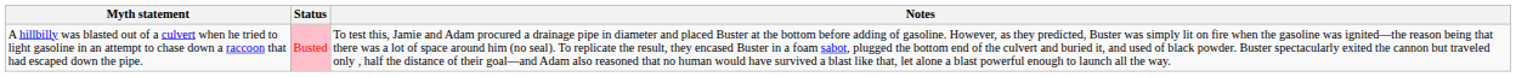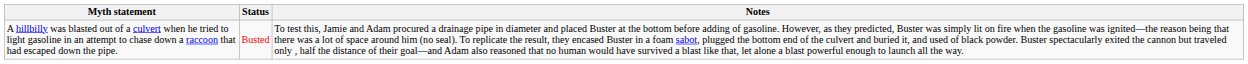 <table class="wikitable plainrowheaders">
 <tr>
 <th>Myth statement</th>
 <th>Status</th>
 <th>Notes</th>
 </tr>
 <tr>
 <td>A <a href='#'>hillbilly</a> was blasted  out of a <a href='#'>culvert</a> when he tried to light gasoline in an attempt to chase down a <a href='#'>raccoon</a> that had escaped down the pipe.</td>
-<td style="background: pink; color:red">Busted</td>
+<td style="color:red">Busted</td>
 <td>To test this, Jamie and Adam procured a drainage pipe  in diameter and placed Buster at the bottom before adding  of gasoline. However, as they predicted, Buster was simply lit on fire when the gasoline was ignited—the reason being that there was a lot of space around him (no seal). To replicate the result, they encased Buster in a foam <a href='#'>sabot</a>, plugged the bottom end of the culvert and buried it, and used  of black powder. Buster spectacularly exited the cannon but traveled only , half the distance of their goal—and Adam also reasoned that no human would have survived a blast like that, let alone a blast powerful enough to launch all the way.</td>
 </tr>
 </table>
